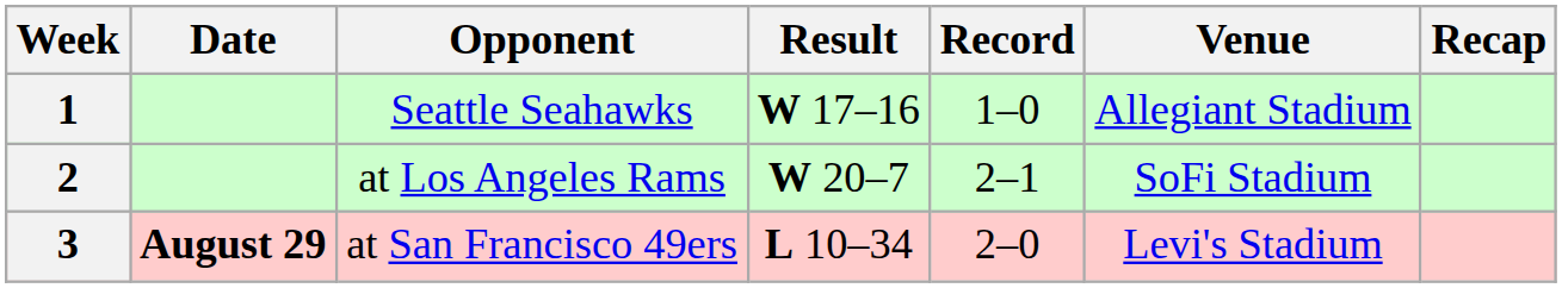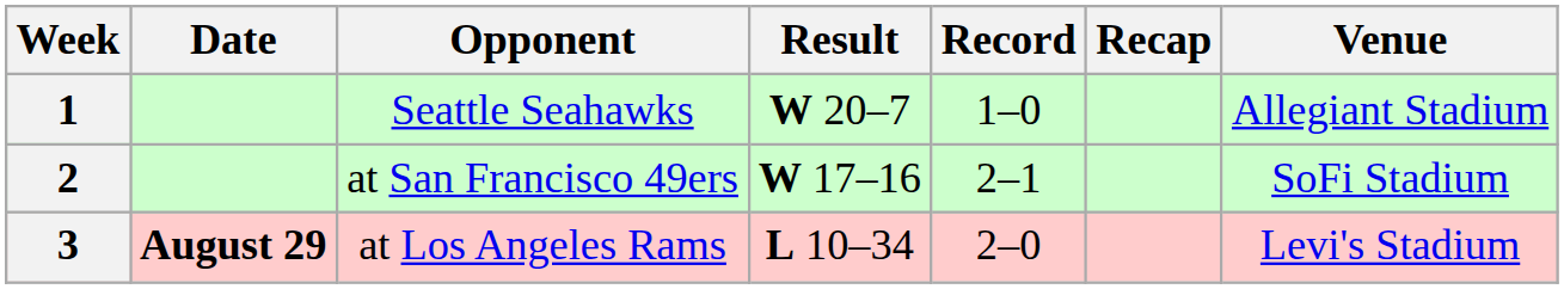 <table class="wikitable" style="text-align:center">
 <tr>
 <th>Week</th>
 <th>Date</th>
 <th>Opponent</th>
 <th>Result</th>
 <th>Record</th>
+<th>Recap</th>
 <th>Venue</th>
-<th>Recap</th>
 </tr>
 <tr style="background:#cfc">
 <th>1</th>
 <td></td>
 <td><a href='#'>Seattle Seahawks</a></td>
-<td><strong>W</strong> 17–16</td>
+<td><strong>W</strong> 20–7</td>
 <td>1–0</td>
+<td></td>
 <td><a href='#'>Allegiant Stadium</a></td>
-<td></td>
 </tr>
 <tr style="background:#cfc">
 <th>2</th>
 <td></td>
-<td>at <a href='#'>Los Angeles Rams</a></td>
-<td><strong>W</strong> 20–7</td>
+<td>at <a href='#'>San Francisco 49ers</a></td>
+<td><strong>W</strong> 17–16</td>
 <td>2–1</td>
+<td></td>
 <td><a href='#'>SoFi Stadium</a></td>
-<td></td>
 </tr>
 <tr style="background:#fcc">
 <th>3</th>
 <td><strong>August 29</strong></td>
-<td>at <a href='#'>San Francisco 49ers</a></td>
+<td>at <a href='#'>Los Angeles Rams</a></td>
 <td><strong>L</strong> 10–34</td>
 <td>2–0</td>
+<td></td>
 <td><a href='#'>Levi's Stadium</a></td>
-<td></td>
 </tr>
 </table>
